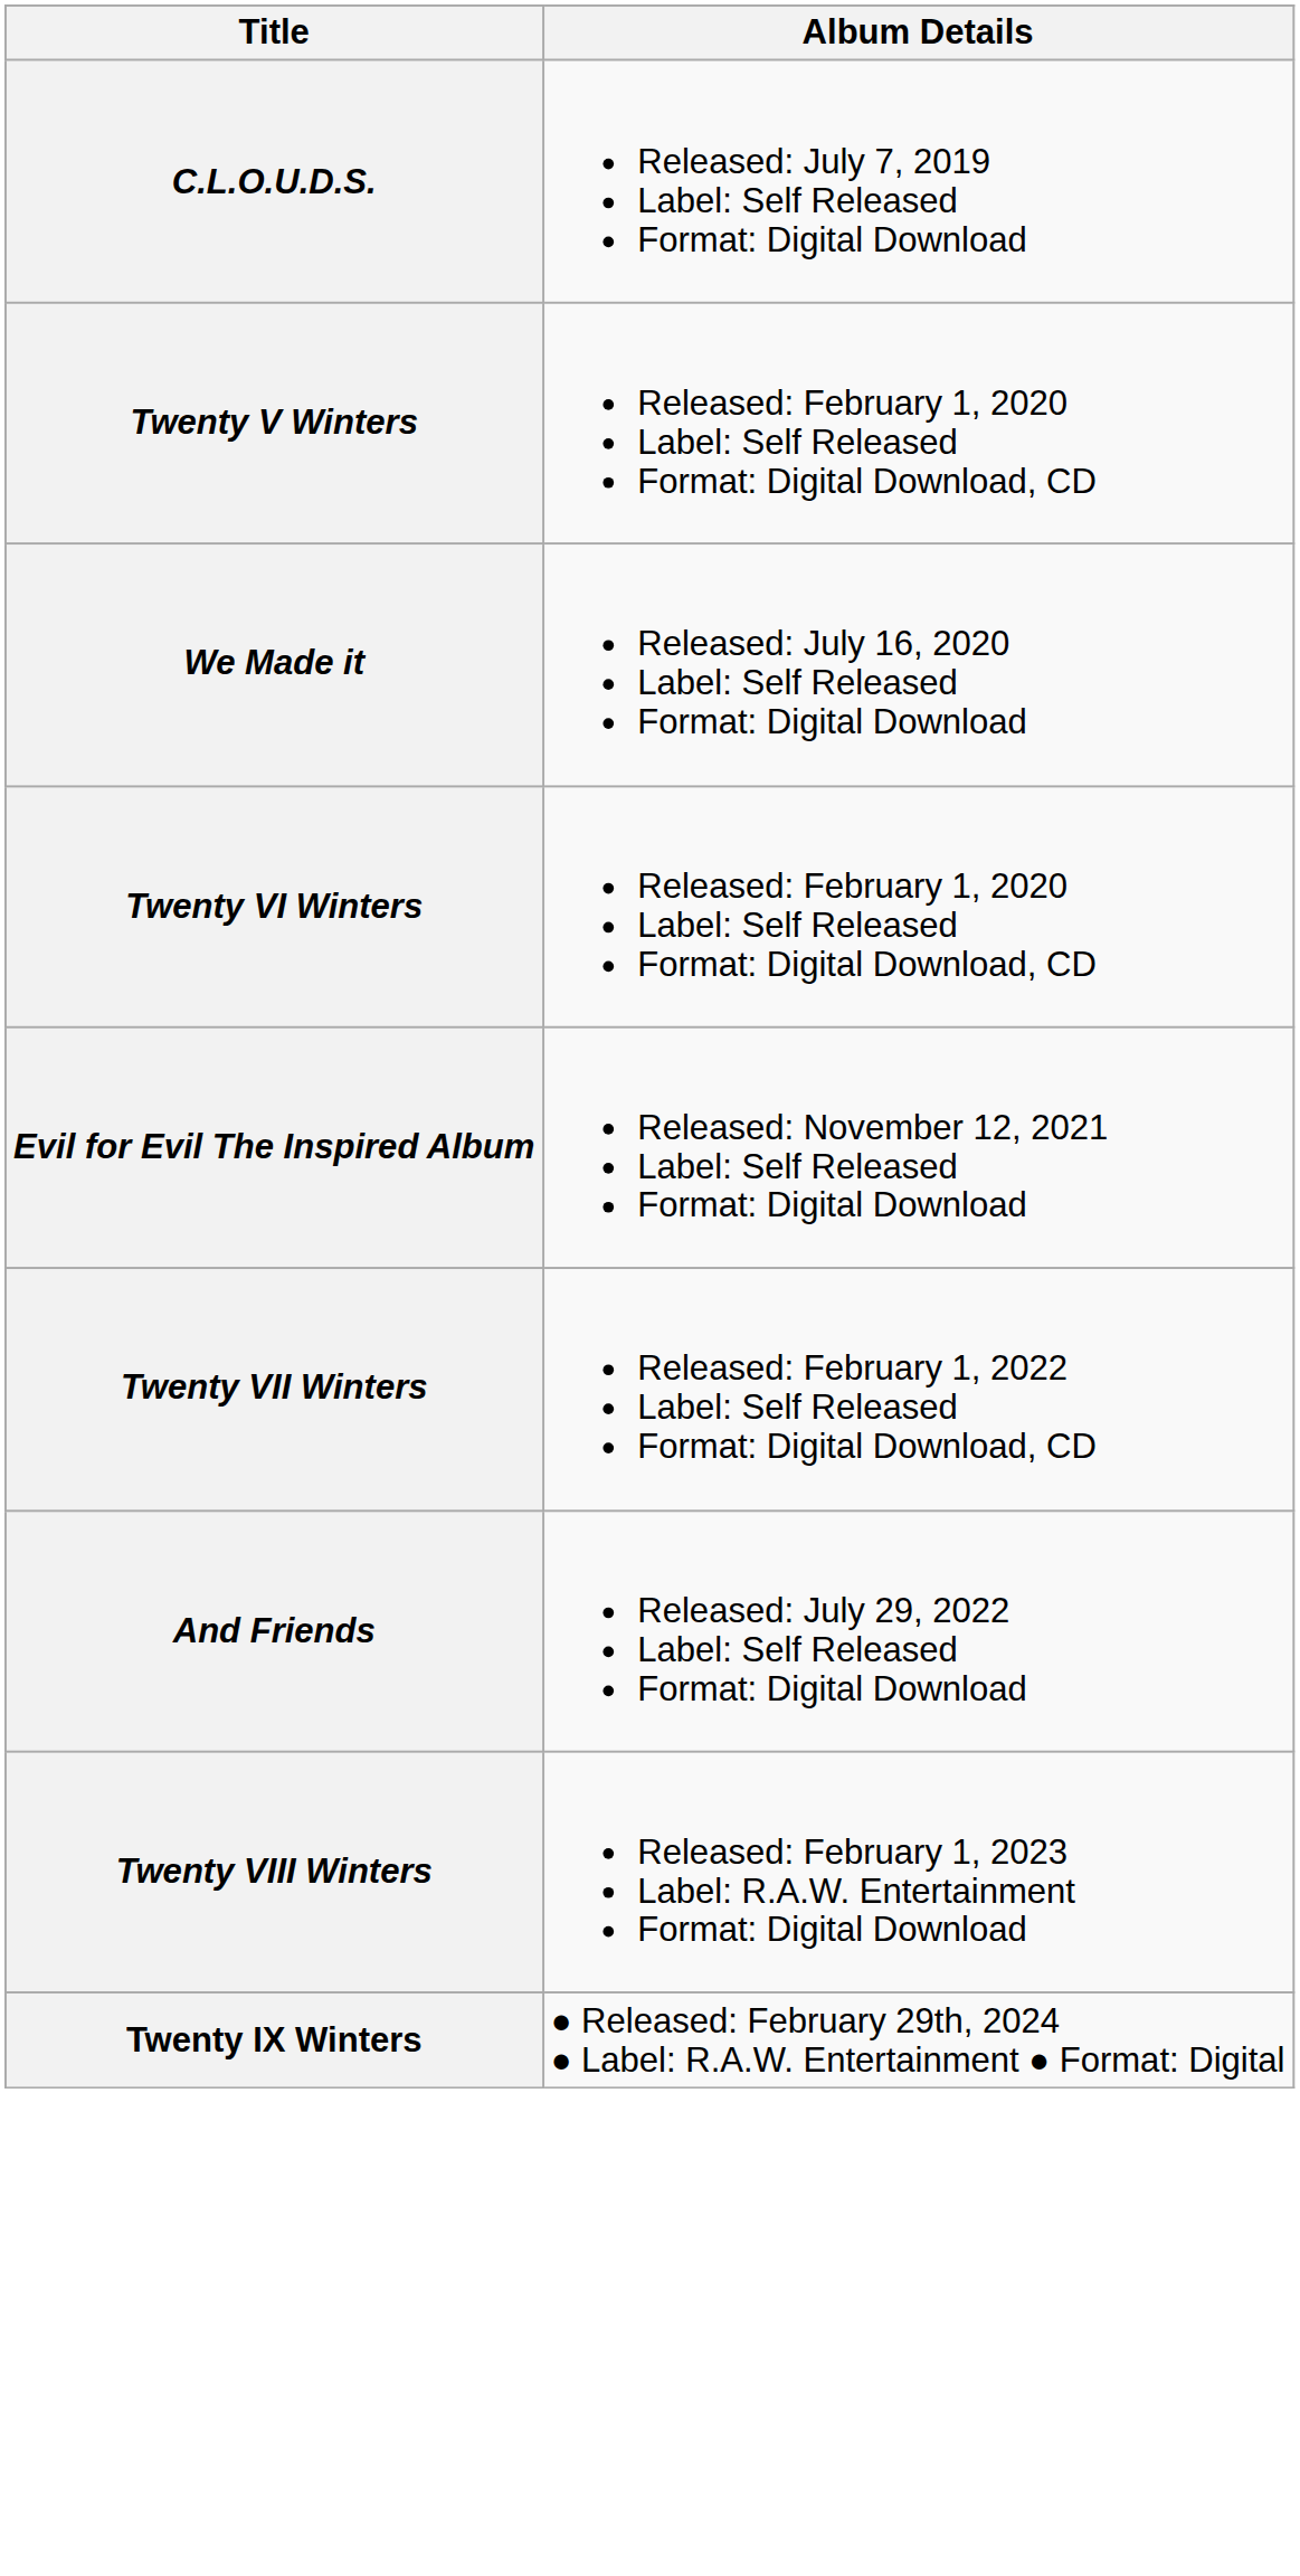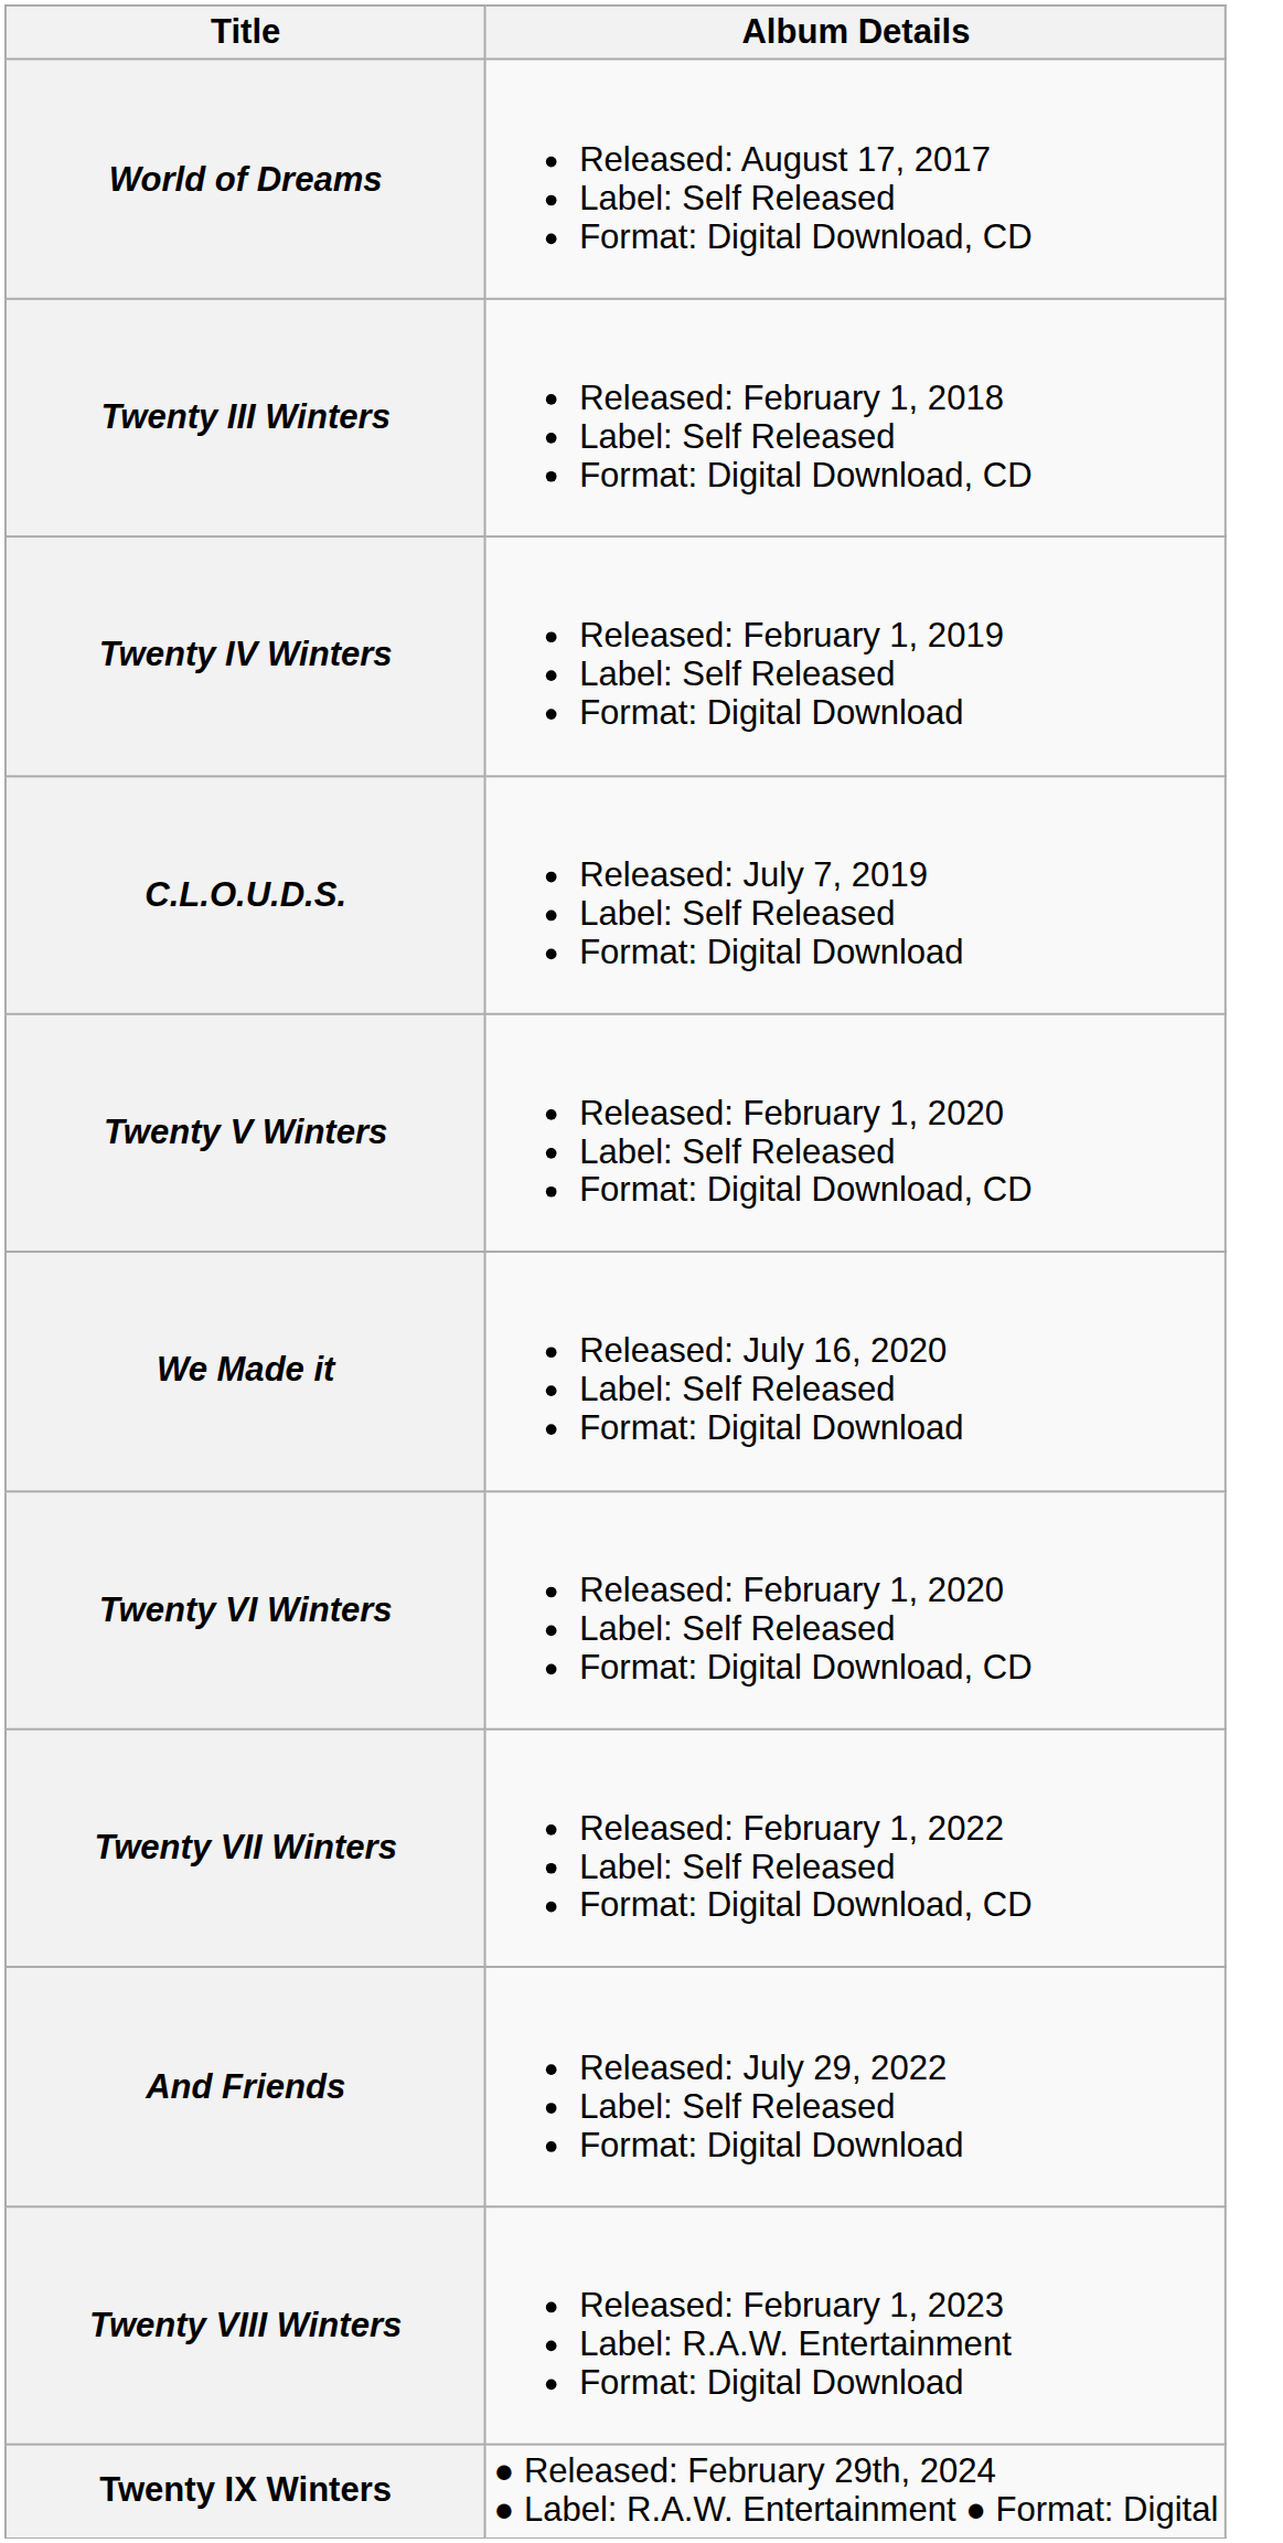 <table class="wikitable">
 <tr>
 <th>Title</th>
 <th>Album Details</th>
+</tr>
+<tr>
+<th><em>World of Dreams</em></th>
+<td><br><ul><li>Released: August 17, 2017</li><li>Label: Self Released</li><li>Format: Digital Download, CD</li></ul></td>
+</tr>
+<tr>
+<th><em>Twenty III Winters</em></th>
+<td><br><ul><li>Released: February 1, 2018</li><li>Label: Self Released</li><li>Format: Digital Download, CD</li></ul></td>
+</tr>
+<tr>
+<th><em>Twenty IV Winters</em></th>
+<td><br><ul><li>Released: February 1, 2019</li><li>Label: Self Released</li><li>Format: Digital Download</li></ul></td>
 </tr>
 <tr>
 <th><em>C.L.O.U.D.S.</em></th>
 <td><br><ul><li>Released: July 7, 2019</li><li>Label: Self Released</li><li>Format: Digital Download</li></ul></td>
 </tr>
 <tr>
 <th><em>Twenty V Winters</em></th>
 <td><br><ul><li>Released: February 1, 2020</li><li>Label: Self Released</li><li>Format: Digital Download, CD</li></ul></td>
 </tr>
 <tr>
 <th><em>We Made it</em></th>
 <td><br><ul><li>Released: July 16, 2020</li><li>Label: Self Released</li><li>Format: Digital Download</li></ul></td>
 </tr>
 <tr>
 <th><blockquote><em>Twenty VI Winters</em></blockquote></th>
 <td><br><ul><li>Released: February 1, 2020</li><li>Label: Self Released</li><li>Format: Digital Download, CD</li></ul></td>
 </tr>
 <tr>
-<th><em>Evil for Evil The Inspired Album</em></th>
-<td><br><ul><li>Released: November 12, 2021 </li><li>Label: Self Released</li><li>Format: Digital Download</li></ul></td>
-</tr>
-<tr>
 <th><em>Twenty VII Winters</em></th>
 <td><br><ul><li>Released: February 1, 2022</li><li>Label: Self Released</li><li>Format: Digital Download, CD</li></ul></td>
 </tr>
 <tr>
 <th><em>And Friends</em></th>
 <td><br><ul><li>Released: July 29, 2022</li><li>Label: Self Released</li><li>Format: Digital Download</li></ul></td>
 </tr>
 <tr>
 <th><em>Twenty VIII Winters</em></th>
 <td><br><ul><li>Released: February 1, 2023</li><li>Label: R.A.W. Entertainment</li><li>Format: Digital Download</li></ul></td>
 </tr>
 <tr>
 <th>Twenty IX Winters</th>
 <td>● Released: February 29th, 2024<br>● Label: R.A.W. Entertainment  ● Format: Digital</td>
 </tr>
 </table>
